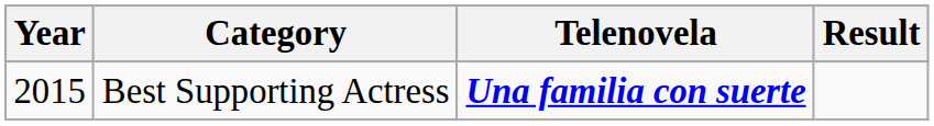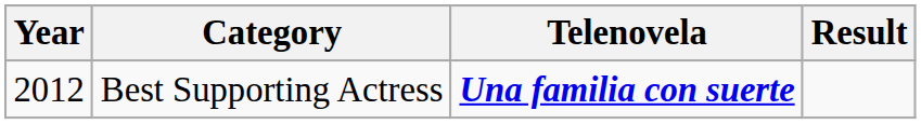 <table class="wikitable">
 <tr style="background:#b0c4de;">
 <th>Year</th>
 <th>Category</th>
 <th>Telenovela</th>
 <th>Result</th>
 </tr>
 <tr>
-<td>2015</td>
+<td>2012</td>
 <td>Best Supporting Actress</td>
 <td><strong><em><a href='#'>Una familia con suerte</a></em></strong></td>
 <td></td>
 </tr>
 </table>
